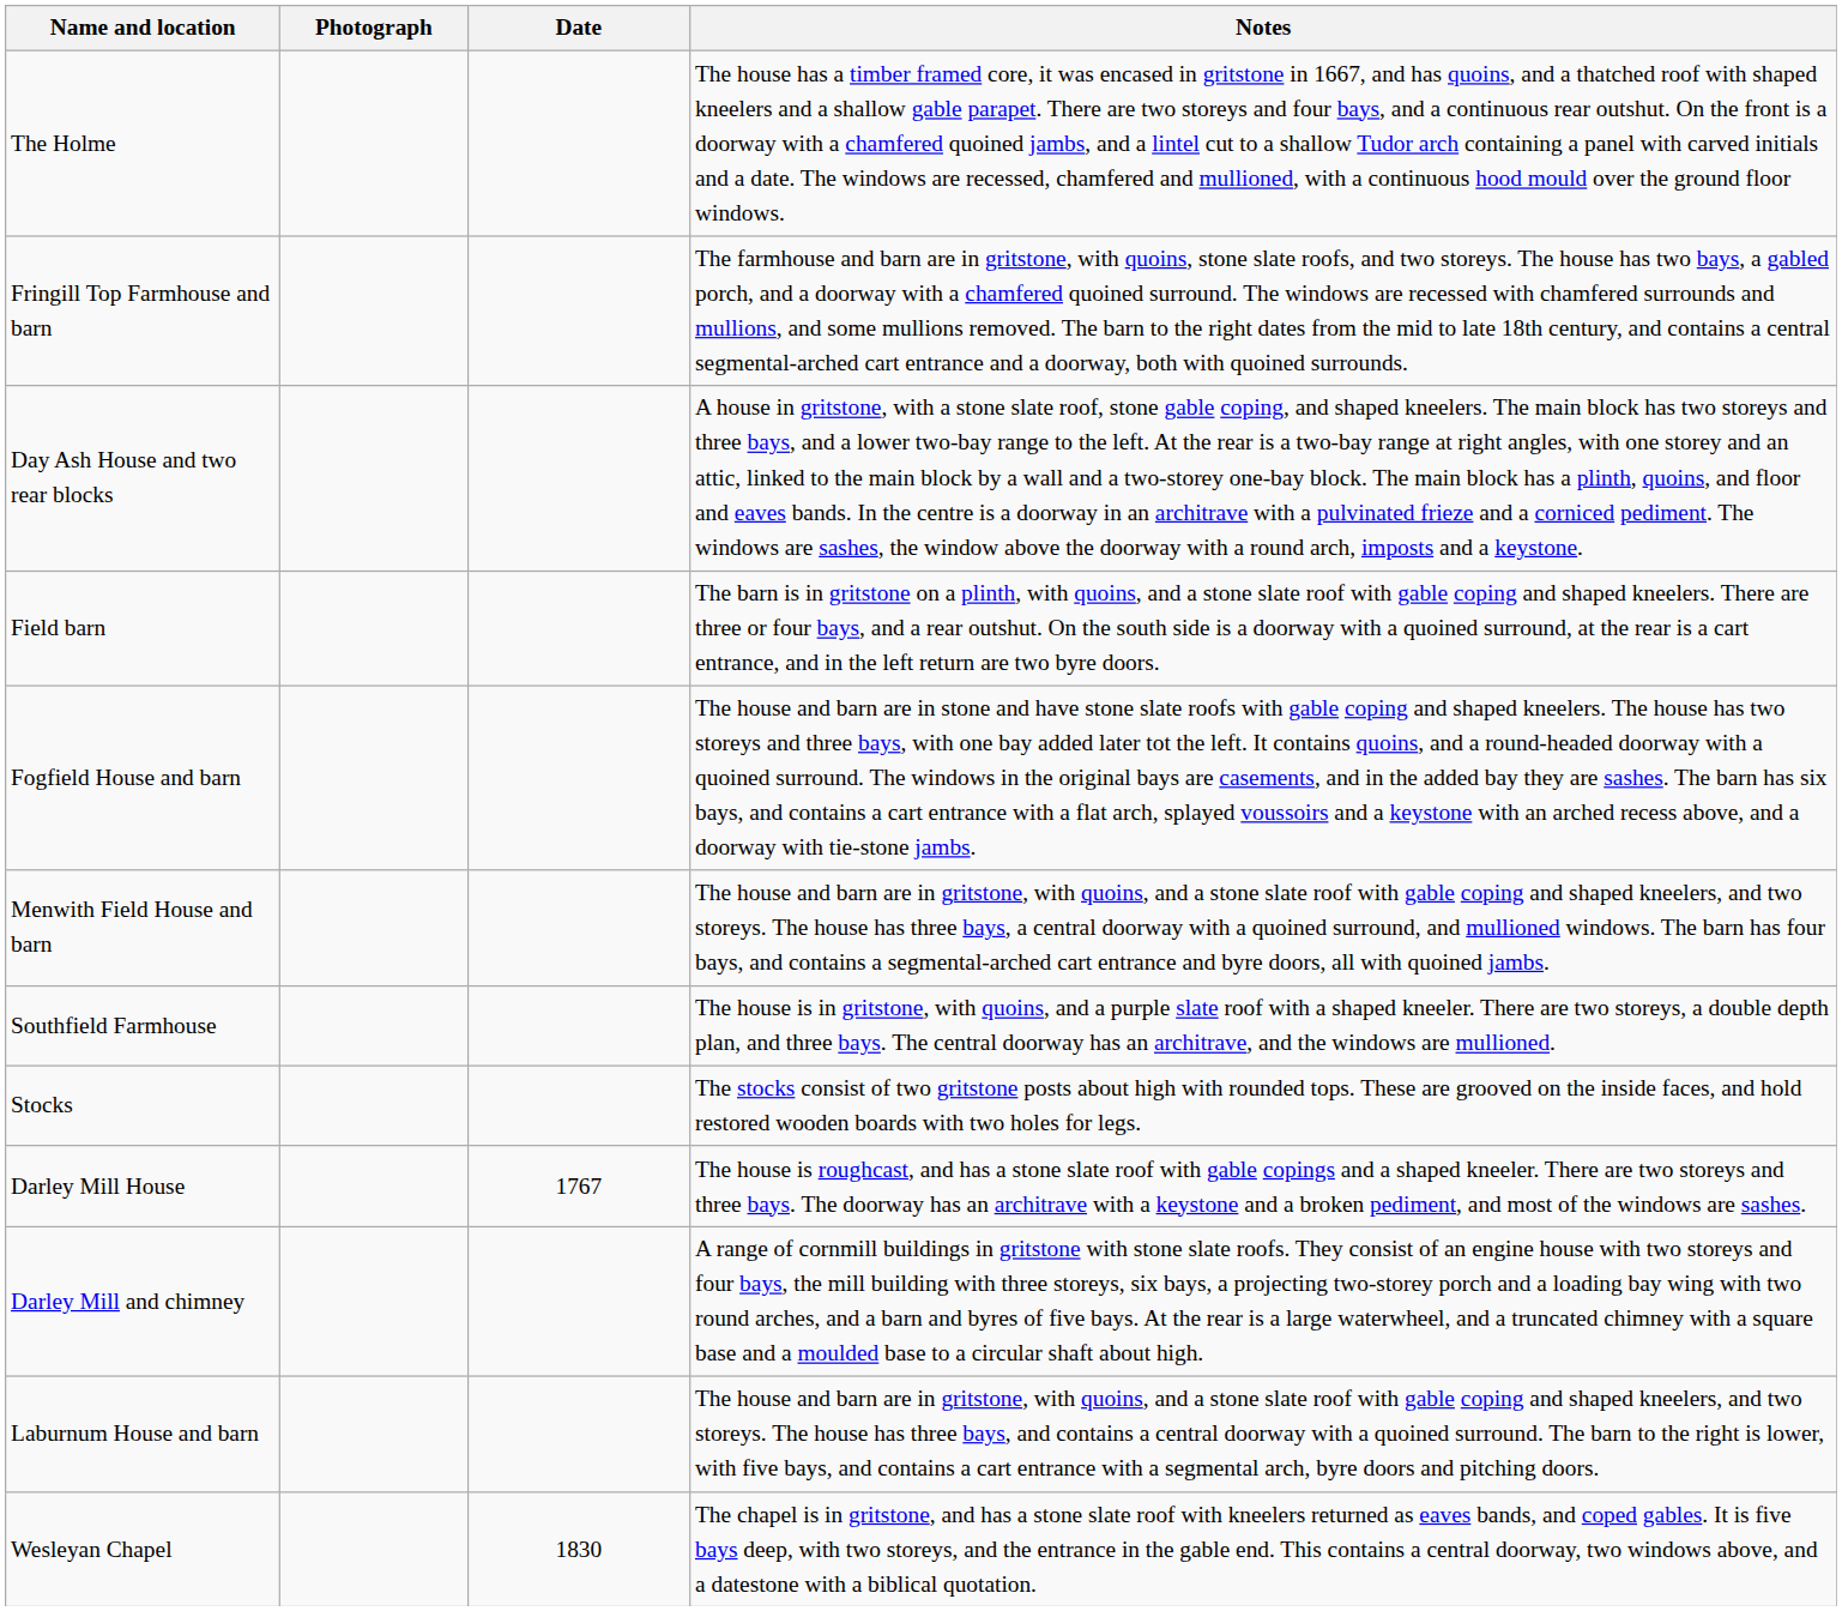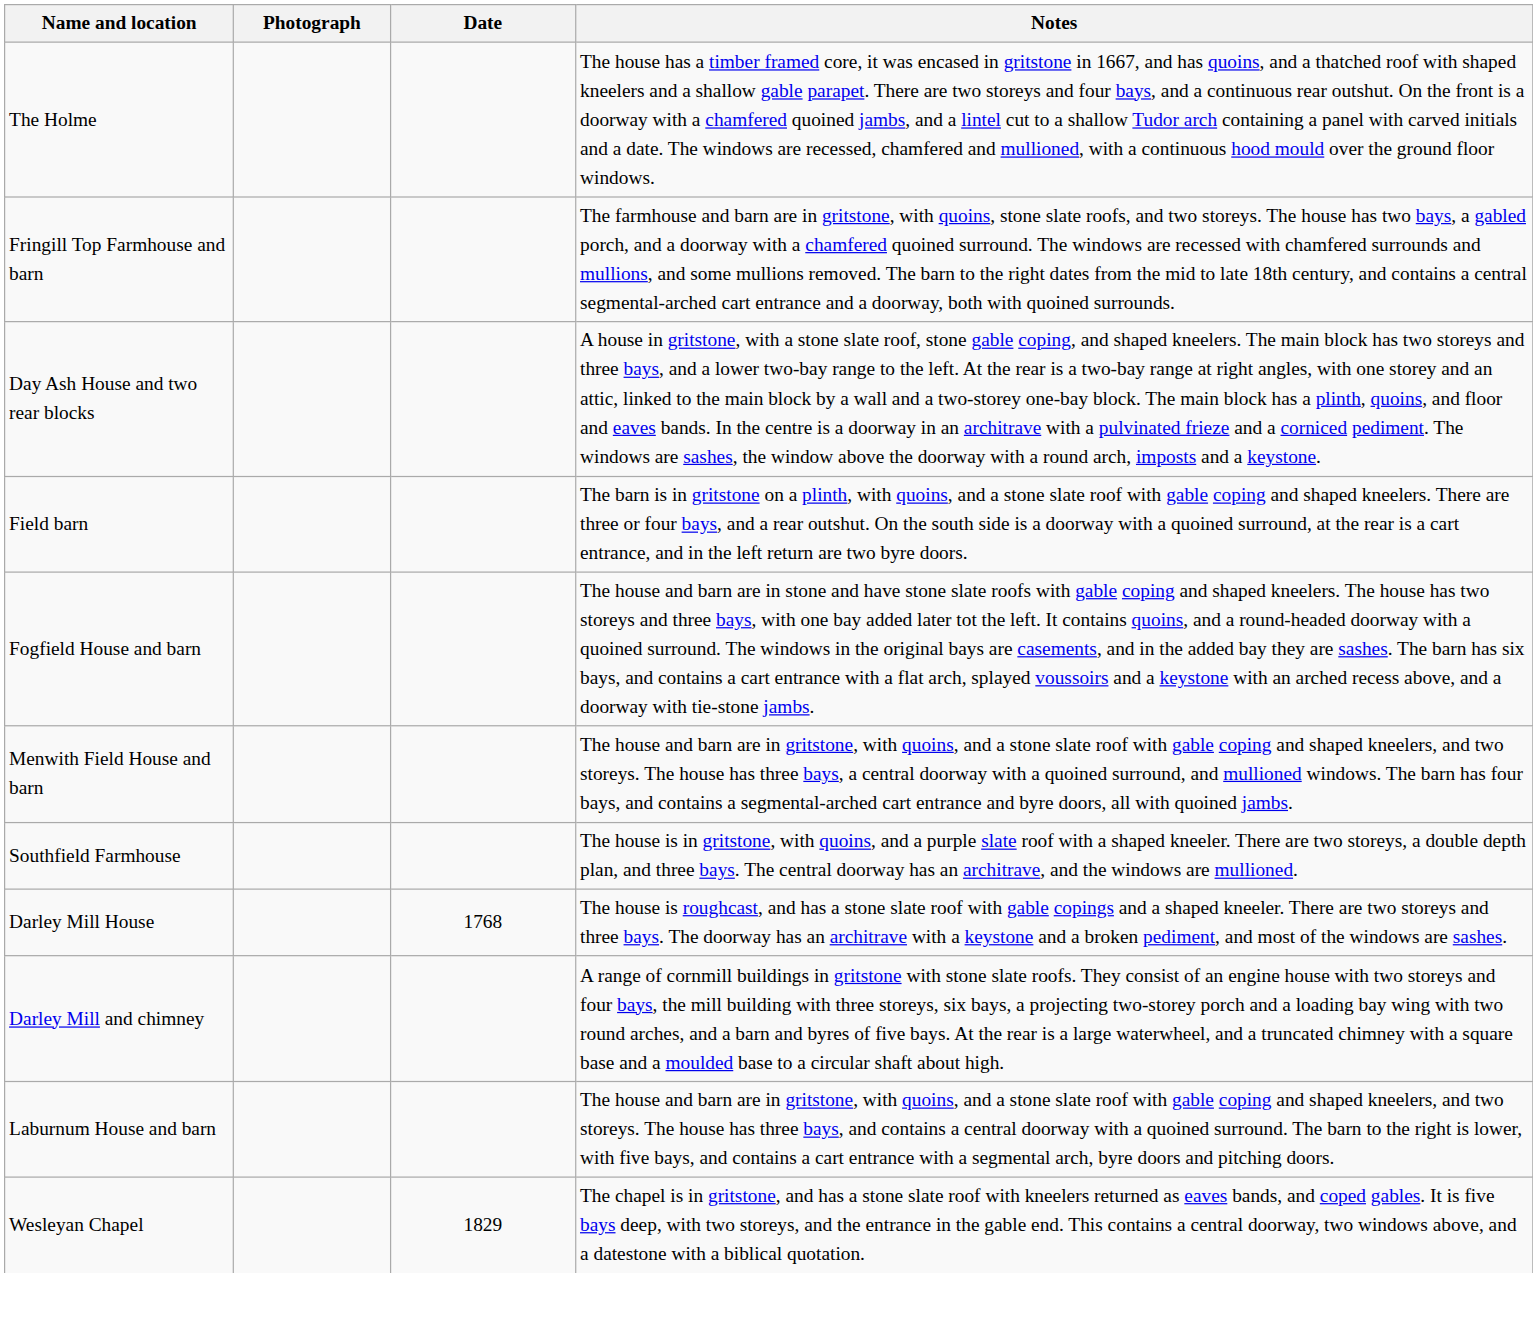 <table class="wikitable sortable plainrowheaders" style="width:100%;border:0px;text-align:left;line-height:150%;">
 <tr>
 <th scope="col"  style="width:150px">Name and location</th>
 <th scope="col"  style="width:100px" class="unsortable">Photograph</th>
 <th scope="col"  style="width:120px">Date</th>
 <th scope="col"  style="width:650px" class="unsortable">Notes</th>
 </tr>
 <tr>
 <td>The Holme<br><small></small></td>
 <td></td>
 <td align="center"></td>
 <td>The house has a <a href='#'>timber framed</a> core, it was encased in <a href='#'>gritstone</a> in 1667, and has <a href='#'>quoins</a>, and a thatched roof with shaped kneelers and a shallow <a href='#'>gable</a> <a href='#'>parapet</a>.  There are two storeys and four <a href='#'>bays</a>, and a continuous rear outshut.  On the front is a doorway with a <a href='#'>chamfered</a> quoined <a href='#'>jambs</a>, and a <a href='#'>lintel</a> cut to a shallow <a href='#'>Tudor arch</a> containing a panel with carved initials and a date.  The windows are recessed, chamfered and <a href='#'>mullioned</a>, with a continuous <a href='#'>hood mould</a> over the ground floor windows.</td>
 </tr>
 <tr>
 <td>Fringill Top Farmhouse and barn<br><small></small></td>
 <td></td>
 <td align="center"></td>
 <td>The farmhouse and barn are in <a href='#'>gritstone</a>, with <a href='#'>quoins</a>, stone slate roofs, and two storeys.  The house has two <a href='#'>bays</a>, a <a href='#'>gabled</a> porch, and a doorway with a <a href='#'>chamfered</a> quoined surround.  The windows are recessed with chamfered surrounds and <a href='#'>mullions</a>, and some mullions removed.  The barn to the right dates from the mid to late 18th century, and contains a central segmental-arched cart entrance and a doorway, both with quoined surrounds.</td>
 </tr>
 <tr>
 <td>Day Ash House and two rear blocks<br><small></small></td>
 <td></td>
 <td align="center"></td>
 <td>A house in <a href='#'>gritstone</a>, with a stone slate roof, stone <a href='#'>gable</a> <a href='#'>coping</a>, and shaped kneelers. The main block has two storeys and three <a href='#'>bays</a>, and a lower two-bay range to the left.  At the rear is a two-bay range at right angles, with one storey and an attic, linked to the main block by a wall and a two-storey one-bay block.  The main block has a <a href='#'>plinth</a>, <a href='#'>quoins</a>, and floor and <a href='#'>eaves</a> bands.  In the centre is a doorway in an <a href='#'>architrave</a> with a <a href='#'>pulvinated frieze</a> and a <a href='#'>corniced</a> <a href='#'>pediment</a>.  The windows are <a href='#'>sashes</a>, the window above the doorway with a round arch, <a href='#'>imposts</a> and a <a href='#'>keystone</a>.</td>
 </tr>
 <tr>
 <td>Field barn<br><small></small></td>
 <td></td>
 <td align="center"></td>
 <td>The barn is in <a href='#'>gritstone</a> on a <a href='#'>plinth</a>, with <a href='#'>quoins</a>, and a stone slate roof with <a href='#'>gable</a> <a href='#'>coping</a> and shaped kneelers.  There are three or four <a href='#'>bays</a>, and a rear outshut.  On the south side is a doorway with a quoined surround, at the rear is a cart entrance, and in the left return are two byre doors.</td>
 </tr>
 <tr>
 <td>Fogfield House and barn<br><small></small></td>
 <td></td>
 <td align="center"></td>
 <td>The house and barn are in stone and have stone slate roofs with <a href='#'>gable</a> <a href='#'>coping</a> and shaped kneelers.  The house has two storeys and three <a href='#'>bays</a>, with one bay added later tot the left.  It contains <a href='#'>quoins</a>, and a round-headed doorway with a quoined surround.  The windows in the original bays are <a href='#'>casements</a>, and in the added bay they are <a href='#'>sashes</a>.  The barn has six bays, and contains a cart entrance with a flat arch, splayed <a href='#'>voussoirs</a> and a <a href='#'>keystone</a> with an arched recess above, and a doorway with tie-stone <a href='#'>jambs</a>.</td>
 </tr>
 <tr>
 <td>Menwith Field House and barn<br><small></small></td>
 <td></td>
 <td align="center"></td>
 <td>The house and barn are in <a href='#'>gritstone</a>, with <a href='#'>quoins</a>, and a stone slate roof with <a href='#'>gable</a> <a href='#'>coping</a> and shaped kneelers, and two storeys.  The house has three <a href='#'>bays</a>, a central doorway with a quoined surround, and <a href='#'>mullioned</a> windows.  The barn has four bays, and contains a segmental-arched cart entrance and byre doors, all with quoined <a href='#'>jambs</a>.</td>
 </tr>
 <tr>
 <td>Southfield Farmhouse<br><small></small></td>
 <td></td>
 <td align="center"></td>
 <td>The house is in <a href='#'>gritstone</a>, with <a href='#'>quoins</a>, and a purple <a href='#'>slate</a> roof with a shaped kneeler.  There are two storeys, a double depth plan, and three <a href='#'>bays</a>.  The central doorway has an <a href='#'>architrave</a>, and the windows are <a href='#'>mullioned</a>.</td>
 </tr>
 <tr>
-<td>Stocks<br><small></small></td>
-<td></td>
-<td align="center"></td>
-<td>The <a href='#'>stocks</a> consist of two <a href='#'>gritstone</a> posts about  high with rounded tops.  These are grooved on the inside faces, and hold restored wooden boards with two holes for legs.</td>
-</tr>
-<tr>
 <td>Darley Mill House<br><small></small></td>
 <td></td>
-<td align="center">1767</td>
+<td align="center">1768</td>
 <td>The house is <a href='#'>roughcast</a>, and has a stone slate roof with <a href='#'>gable</a> <a href='#'>copings</a> and a shaped kneeler.  There are two storeys and three <a href='#'>bays</a>.  The doorway has an <a href='#'>architrave</a> with a <a href='#'>keystone</a> and a broken <a href='#'>pediment</a>, and most of the windows are <a href='#'>sashes</a>.</td>
 </tr>
 <tr>
 <td><a href='#'>Darley Mill</a> and chimney<br><small></small></td>
 <td></td>
 <td align="center"></td>
 <td>A range of cornmill buildings in <a href='#'>gritstone</a> with stone slate roofs.  They consist of an engine house with two storeys and four <a href='#'>bays</a>, the mill building with three storeys, six bays, a projecting two-storey porch and a loading bay wing with two round arches, and a barn and byres of five bays.  At the rear is a large waterwheel, and a truncated chimney with a square base and a <a href='#'>moulded</a> base to a circular shaft about  high.</td>
 </tr>
 <tr>
 <td>Laburnum House and barn<br><small></small></td>
 <td></td>
 <td align="center"></td>
 <td>The house and barn are in <a href='#'>gritstone</a>, with <a href='#'>quoins</a>, and a stone slate roof with <a href='#'>gable</a> <a href='#'>coping</a> and shaped kneelers, and two storeys.  The house has three <a href='#'>bays</a>, and contains a central doorway with a quoined surround.  The barn to the right is lower, with five bays, and contains a cart entrance with a segmental arch, byre doors and pitching doors.</td>
 </tr>
 <tr>
 <td>Wesleyan Chapel<br><small></small></td>
 <td></td>
-<td align="center">1830</td>
+<td align="center">1829</td>
 <td>The chapel is in <a href='#'>gritstone</a>, and has a stone slate roof with kneelers returned as <a href='#'>eaves</a> bands, and <a href='#'>coped</a> <a href='#'>gables</a>.  It is five <a href='#'>bays</a> deep, with two storeys, and the entrance in the gable end.  This contains a central doorway, two windows above, and a datestone with a biblical quotation.</td>
 </tr>
 <tr>
 </tr>
 </table>
